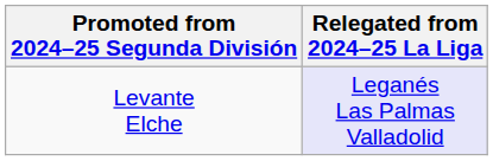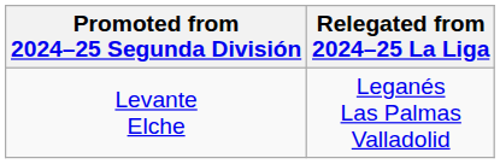 <table class="wikitable">
 <tr>
 <th>Promoted from<br><a href='#'>2024–25 Segunda División</a></th>
 <th>Relegated from<br><a href='#'>2024–25 La Liga</a></th>
 </tr>
 <tr>
 <td align=center><a href='#'>Levante</a> <br> <a href='#'>Elche</a></td>
-<td align=center style="background: lavender;"><a href='#'>Leganés</a> <br> <a href='#'>Las Palmas</a> <br> <a href='#'>Valladolid</a></td>
+<td align=center><a href='#'>Leganés</a> <br> <a href='#'>Las Palmas</a> <br> <a href='#'>Valladolid</a></td>
 </tr>
 </table>
